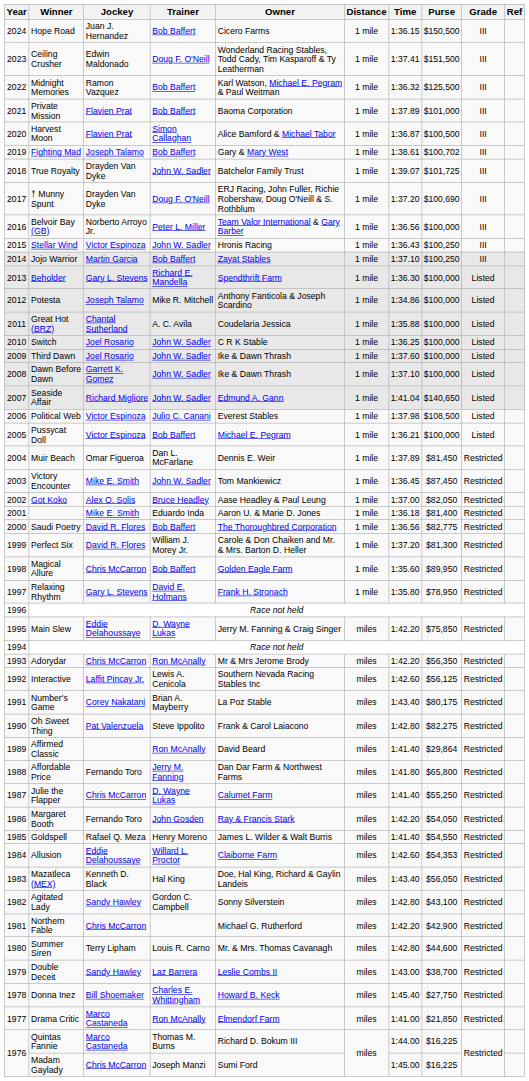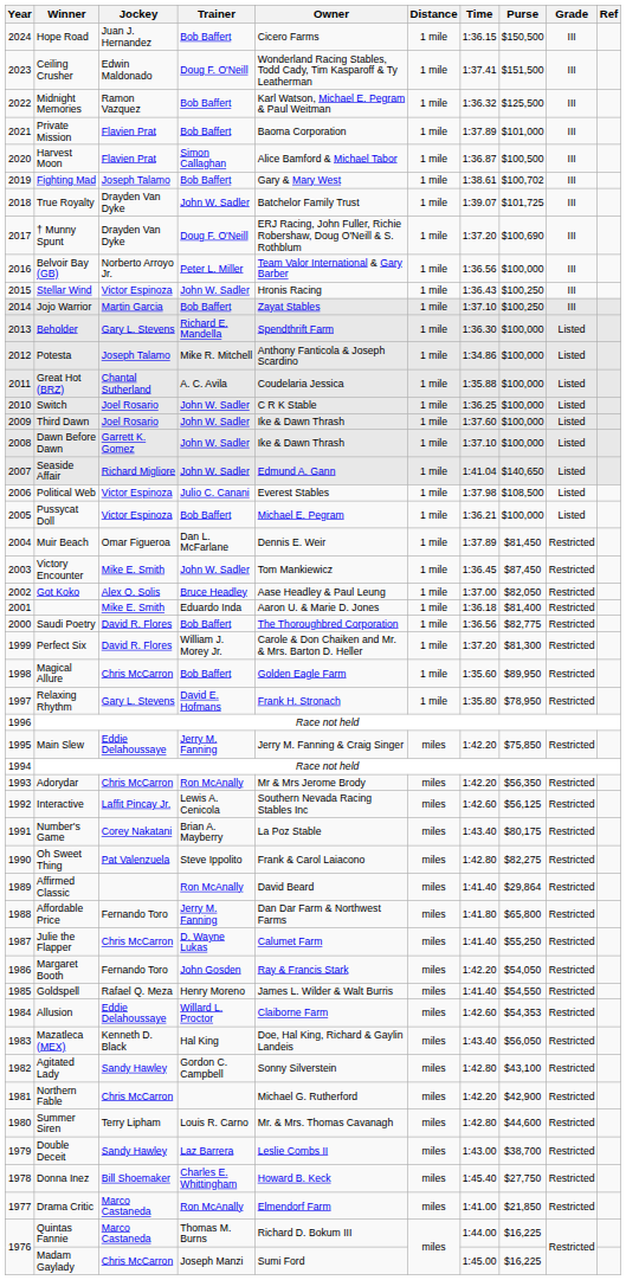 <table class="wikitable sortable">
 <tr>
 <th>Year</th>
 <th>Winner</th>
 <th>Jockey</th>
 <th>Trainer</th>
 <th>Owner</th>
 <th>Distance</th>
 <th>Time</th>
 <th>Purse</th>
 <th>Grade</th>
 <th>Ref</th>
 </tr>
 <tr style="font-size:90%;">
 <td align=center>2024</td>
 <td>Hope Road</td>
 <td>Juan J. Hernandez</td>
 <td><a href='#'>Bob Baffert</a></td>
 <td>Cicero Farms</td>
 <td align=center>1 mile</td>
 <td align=center>1:36.15</td>
 <td align=center>$150,500</td>
 <td align=center>III</td>
 <td></td>
 </tr>
 <tr style="font-size:90%;">
 <td align=center>2023</td>
 <td>Ceiling Crusher</td>
 <td>Edwin Maldonado</td>
 <td><a href='#'>Doug F. O'Neill</a></td>
 <td>Wonderland Racing Stables, Todd Cady, Tim Kasparoff & Ty Leatherman</td>
 <td align=center>1 mile</td>
 <td align=center>1:37.41</td>
 <td align=center>$151,500</td>
 <td align=center>III</td>
 <td></td>
 </tr>
 <tr style="font-size:90%;">
 <td align=center>2022</td>
 <td>Midnight Memories</td>
 <td>Ramon Vazquez</td>
 <td><a href='#'>Bob Baffert</a></td>
 <td>Karl Watson, <a href='#'>Michael E. Pegram</a> & Paul Weitman</td>
 <td align=center>1 mile</td>
 <td align=center>1:36.32</td>
 <td align=center>$125,500</td>
 <td align=center>III</td>
 <td></td>
 </tr>
 <tr style="font-size:90%;">
 <td align=center>2021</td>
 <td>Private Mission</td>
 <td><a href='#'>Flavien Prat</a></td>
 <td><a href='#'>Bob Baffert</a></td>
 <td>Baoma Corporation</td>
 <td align=center>1 mile</td>
 <td align=center>1:37.89</td>
 <td align=center>$101,000</td>
 <td align=center>III</td>
 <td></td>
 </tr>
 <tr style="font-size:90%;">
 <td align=center>2020</td>
 <td>Harvest Moon</td>
 <td><a href='#'>Flavien Prat</a></td>
 <td><a href='#'>Simon Callaghan</a></td>
 <td>Alice Bamford & <a href='#'>Michael Tabor</a></td>
 <td align=center>1 mile</td>
 <td align=center>1:36.87</td>
 <td align=center>$100,500</td>
 <td align=center>III</td>
 <td></td>
 </tr>
 <tr style="font-size:90%;">
 <td align=center>2019</td>
 <td><a href='#'>Fighting Mad</a></td>
 <td><a href='#'>Joseph Talamo</a></td>
 <td><a href='#'>Bob Baffert</a></td>
 <td>Gary & <a href='#'>Mary West</a></td>
 <td align=center>1 mile</td>
 <td align=center>1:38.61</td>
 <td align=center>$100,702</td>
 <td align=center>III</td>
 <td></td>
 </tr>
 <tr style="font-size:90%;">
 <td align=center>2018</td>
 <td>True Royalty</td>
 <td>Drayden Van Dyke</td>
 <td><a href='#'>John W. Sadler</a></td>
 <td>Batchelor Family Trust</td>
 <td align=center>1 mile</td>
 <td align=center>1:39.07</td>
 <td align=center>$101,725</td>
 <td align=center>III</td>
 <td></td>
 </tr>
 <tr style="font-size:90%;">
 <td align=center>2017</td>
 <td>† Munny Spunt</td>
 <td>Drayden Van Dyke</td>
 <td><a href='#'>Doug F. O'Neill</a></td>
 <td>ERJ Racing, John Fuller, Richie Robershaw, Doug O'Neill & S. Rothblum</td>
 <td align=center>1 mile</td>
 <td align=center>1:37.20</td>
 <td align=center>$100,690</td>
 <td align=center>III</td>
 <td></td>
 </tr>
 <tr style="font-size:90%;">
 <td align=center>2016</td>
 <td>Belvoir Bay <a href='#'>(GB)</a></td>
 <td>Norberto Arroyo Jr.</td>
 <td><a href='#'>Peter L. Miller</a></td>
 <td><a href='#'>Team Valor International</a> & <a href='#'>Gary Barber</a></td>
 <td align=center>1 mile</td>
 <td align=center>1:36.56</td>
 <td align=center>$100,000</td>
 <td align=center>III</td>
 <td></td>
 </tr>
 <tr style="font-size:90%;">
 <td align=center>2015</td>
 <td><a href='#'>Stellar Wind</a></td>
 <td><a href='#'>Victor Espinoza</a></td>
 <td><a href='#'>John W. Sadler</a></td>
 <td>Hronis Racing</td>
 <td align=center>1 mile</td>
 <td align=center>1:36.43</td>
 <td align=center>$100,250</td>
 <td align=center>III</td>
 <td></td>
 </tr>
 <tr style="font-size:90%; background-color:#E8E8E8">
 <td align=center>2014</td>
 <td>Jojo Warrior</td>
 <td><a href='#'>Martin Garcia</a></td>
 <td><a href='#'>Bob Baffert</a></td>
 <td><a href='#'>Zayat Stables</a></td>
 <td align=center>1 mile</td>
 <td align=center>1:37.10</td>
 <td align=center>$100,250</td>
 <td align=center>III</td>
 <td></td>
 </tr>
 <tr style="font-size:90%; background-color:#E8E8E8">
 <td align=center>2013</td>
 <td><a href='#'>Beholder</a></td>
 <td><a href='#'>Gary L. Stevens</a></td>
 <td><a href='#'>Richard E. Mandella</a></td>
 <td><a href='#'>Spendthrift Farm</a></td>
 <td align=center>1 mile</td>
 <td align=center>1:36.30</td>
 <td align=center>$100,000</td>
 <td align=center>Listed</td>
 <td></td>
 </tr>
 <tr style="font-size:90%; background-color:#E8E8E8">
 <td align=center>2012</td>
 <td>Potesta</td>
 <td><a href='#'>Joseph Talamo</a></td>
 <td>Mike R. Mitchell</td>
 <td>Anthony Fanticola & Joseph Scardino</td>
 <td align=center>1 mile</td>
 <td align=center>1:34.86</td>
 <td align=center>$100,000</td>
 <td align=center>Listed</td>
 <td></td>
 </tr>
 <tr style="font-size:90%; background-color:#E8E8E8">
 <td align=center>2011</td>
 <td>Great Hot <a href='#'>(BRZ)</a></td>
 <td><a href='#'>Chantal Sutherland</a></td>
 <td>A. C. Avila</td>
 <td>Coudelaria Jessica</td>
 <td align=center>1 mile</td>
 <td align=center>1:35.88</td>
 <td align=center>$100,000</td>
 <td align=center>Listed</td>
 <td></td>
 </tr>
 <tr style="font-size:90%; background-color:#E8E8E8">
 <td align=center>2010</td>
 <td>Switch</td>
 <td><a href='#'>Joel Rosario</a></td>
 <td><a href='#'>John W. Sadler</a></td>
 <td>C R K Stable</td>
 <td align=center>1 mile</td>
 <td align=center>1:36.25</td>
 <td align=center>$100,000</td>
 <td align=center>Listed</td>
 <td></td>
 </tr>
 <tr style="font-size:90%; background-color:#E8E8E8">
 <td align=center>2009</td>
 <td>Third Dawn</td>
 <td><a href='#'>Joel Rosario</a></td>
 <td><a href='#'>John W. Sadler</a></td>
 <td>Ike & Dawn Thrash</td>
 <td align=center>1 mile</td>
 <td align=center>1:37.60</td>
 <td align=center>$100,000</td>
 <td align=center>Listed</td>
 <td></td>
 </tr>
 <tr style="font-size:90%; background-color:#E8E8E8">
 <td align=center>2008</td>
 <td>Dawn Before Dawn</td>
 <td><a href='#'>Garrett K. Gomez</a></td>
 <td><a href='#'>John W. Sadler</a></td>
 <td>Ike & Dawn Thrash</td>
 <td align=center>1 mile</td>
 <td align=center>1:37.10</td>
 <td align=center>$100,000</td>
 <td align=center>Listed</td>
 <td></td>
 </tr>
 <tr style="font-size:90%; background-color:#E8E8E8">
 <td align=center>2007</td>
 <td>Seaside Affair</td>
 <td><a href='#'>Richard Migliore</a></td>
 <td><a href='#'>John W. Sadler</a></td>
 <td><a href='#'>Edmund A. Gann</a></td>
 <td align=center>1 mile</td>
 <td align=center>1:41.04</td>
 <td align=center>$140,650</td>
 <td align=center>Listed</td>
 <td></td>
 </tr>
 <tr style="font-size:90%;">
 <td align=center>2006</td>
 <td>Political Web</td>
 <td><a href='#'>Victor Espinoza</a></td>
 <td><a href='#'>Julio C. Canani</a></td>
 <td>Everest Stables</td>
 <td align=center>1 mile</td>
 <td align=center>1:37.98</td>
 <td align=center>$108,500</td>
 <td align=center>Listed</td>
 <td></td>
 </tr>
 <tr style="font-size:90%;">
 <td align=center>2005</td>
 <td>Pussycat Doll</td>
 <td><a href='#'>Victor Espinoza</a></td>
 <td><a href='#'>Bob Baffert</a></td>
 <td><a href='#'>Michael E. Pegram</a></td>
 <td align=center>1 mile</td>
 <td align=center>1:36.21</td>
 <td align=center>$100,000</td>
 <td align=center>Listed</td>
 <td></td>
 </tr>
 <tr style="font-size:90%;">
 <td align=center>2004</td>
 <td>Muir Beach</td>
 <td>Omar Figueroa</td>
 <td>Dan L. McFarlane</td>
 <td>Dennis E. Weir</td>
 <td align=center>1 mile</td>
 <td align=center>1:37.89</td>
 <td align=center>$81,450</td>
 <td align=center>Restricted</td>
 <td></td>
 </tr>
 <tr style="font-size:90%;">
 <td align=center>2003</td>
 <td>Victory Encounter</td>
 <td><a href='#'>Mike E. Smith</a></td>
 <td><a href='#'>John W. Sadler</a></td>
 <td>Tom Mankiewicz</td>
 <td align=center>1 mile</td>
 <td align=center>1:36.45</td>
 <td align=center>$87,450</td>
 <td align=center>Restricted</td>
 <td></td>
 </tr>
 <tr style="font-size:90%;">
 <td align=center>2002</td>
 <td><a href='#'>Got Koko</a></td>
 <td><a href='#'>Alex O. Solis</a></td>
 <td><a href='#'>Bruce Headley</a></td>
 <td>Aase Headley & Paul Leung</td>
 <td align=center>1 mile</td>
 <td align=center>1:37.00</td>
 <td align=center>$82,050</td>
 <td align=center>Restricted</td>
 <td></td>
 </tr>
 <tr style="font-size:90%;">
 <td align=center>2001</td>
 <td></td>
 <td><a href='#'>Mike E. Smith</a></td>
 <td>Eduardo Inda</td>
 <td>Aaron U. & Marie D. Jones</td>
 <td align=center>1 mile</td>
 <td align=center>1:36.18</td>
 <td align=center>$81,400</td>
 <td align=center>Restricted</td>
 <td></td>
 </tr>
 <tr style="font-size:90%;">
 <td align=center>2000</td>
 <td>Saudi Poetry</td>
 <td><a href='#'>David R. Flores</a></td>
 <td><a href='#'>Bob Baffert</a></td>
 <td><a href='#'>The Thoroughbred Corporation</a></td>
 <td align=center>1 mile</td>
 <td align=center>1:36.56</td>
 <td align=center>$82,775</td>
 <td align=center>Restricted</td>
 <td></td>
 </tr>
 <tr style="font-size:90%;">
 <td align=center>1999</td>
 <td>Perfect Six</td>
 <td><a href='#'>David R. Flores</a></td>
 <td>William J. Morey Jr.</td>
 <td>Carole & Don Chaiken and Mr. & Mrs. Barton D. Heller</td>
 <td align=center>1 mile</td>
 <td align=center>1:37.20</td>
 <td align=center>$81,300</td>
 <td align=center>Restricted</td>
 <td></td>
 </tr>
 <tr style="font-size:90%;">
 <td align=center>1998</td>
 <td>Magical Allure</td>
 <td><a href='#'>Chris McCarron</a></td>
 <td><a href='#'>Bob Baffert</a></td>
 <td><a href='#'>Golden Eagle Farm</a></td>
 <td align=center>1 mile</td>
 <td align=center>1:35.60</td>
 <td align=center>$89,950</td>
 <td align=center>Restricted</td>
 <td></td>
 </tr>
 <tr style="font-size:90%;">
 <td align=center>1997</td>
 <td>Relaxing Rhythm</td>
 <td><a href='#'>Gary L. Stevens</a></td>
 <td><a href='#'>David E. Hofmans</a></td>
 <td><a href='#'>Frank H. Stronach</a></td>
 <td align=center>1 mile</td>
 <td align=center>1:35.80</td>
 <td align=center>$78,950</td>
 <td align=center>Restricted</td>
 <td></td>
 </tr>
 <tr style="font-size:90%; background-color:white">
 <td align="center">1996</td>
 <td align="center" colspan=9><em>Race not held</em></td>
 </tr>
 <tr style="font-size:90%;">
 <td align=center>1995</td>
 <td>Main Slew</td>
 <td><a href='#'>Eddie Delahoussaye</a></td>
-<td><a href='#'>D. Wayne Lukas</a></td>
+<td><a href='#'>Jerry M. Fanning</a></td>
 <td>Jerry M. Fanning & Craig Singer</td>
 <td align=center> miles</td>
 <td align=center>1:42.20</td>
 <td align=center>$75,850</td>
 <td align=center>Restricted</td>
 <td></td>
 </tr>
 <tr style="font-size:90%; background-color:white">
 <td align="center">1994</td>
 <td align="center" colspan=9><em>Race not held</em></td>
 </tr>
 <tr style="font-size:90%;">
 <td align=center>1993</td>
 <td>Adorydar</td>
 <td><a href='#'>Chris McCarron</a></td>
 <td><a href='#'>Ron McAnally</a></td>
 <td>Mr & Mrs Jerome Brody</td>
 <td align=center> miles</td>
 <td align=center>1:42.20</td>
 <td align=center>$56,350</td>
 <td align=center>Restricted</td>
 <td></td>
 </tr>
 <tr style="font-size:90%;">
 <td align=center>1992</td>
 <td>Interactive</td>
 <td><a href='#'>Laffit Pincay Jr.</a></td>
 <td>Lewis A. Cenicola</td>
 <td>Southern Nevada Racing Stables Inc</td>
 <td align=center> miles</td>
 <td align=center>1:42.60</td>
 <td align=center>$56,125</td>
 <td align=center>Restricted</td>
 <td></td>
 </tr>
 <tr style="font-size:90%;">
 <td align=center>1991</td>
 <td>Number's Game</td>
 <td><a href='#'>Corey Nakatani</a></td>
 <td>Brian A. Mayberry</td>
 <td>La Poz Stable</td>
 <td align=center> miles</td>
 <td align=center>1:43.40</td>
 <td align=center>$80,175</td>
 <td align=center>Restricted</td>
 <td></td>
 </tr>
 <tr style="font-size:90%;">
 <td align=center>1990</td>
 <td>Oh Sweet Thing</td>
 <td><a href='#'>Pat Valenzuela</a></td>
 <td>Steve Ippolito</td>
 <td>Frank & Carol Laiacono</td>
 <td align=center> miles</td>
 <td align=center>1:42.80</td>
 <td align=center>$82,275</td>
 <td align=center>Restricted</td>
 <td></td>
 </tr>
 <tr style="font-size:90%;">
 <td align=center>1989</td>
 <td>Affirmed Classic</td>
 <td></td>
 <td><a href='#'>Ron McAnally</a></td>
 <td>David Beard</td>
 <td align=center> miles</td>
 <td align=center>1:41.40</td>
 <td align=center>$29,864</td>
 <td align=center>Restricted</td>
 <td></td>
 </tr>
 <tr style="font-size:90%;">
 <td align=center>1988</td>
 <td>Affordable Price</td>
 <td>Fernando Toro</td>
 <td><a href='#'>Jerry M. Fanning</a></td>
 <td>Dan Dar Farm & Northwest Farms</td>
 <td align=center> miles</td>
 <td align=center>1:41.80</td>
 <td align=center>$65,800</td>
 <td align=center>Restricted</td>
 <td></td>
 </tr>
 <tr style="font-size:90%;">
 <td align=center>1987</td>
 <td>Julie the Flapper</td>
 <td><a href='#'>Chris McCarron</a></td>
 <td><a href='#'>D. Wayne Lukas</a></td>
 <td><a href='#'>Calumet Farm</a></td>
 <td align=center> miles</td>
 <td align=center>1:41.40</td>
 <td align=center>$55,250</td>
 <td align=center>Restricted</td>
 <td></td>
 </tr>
 <tr style="font-size:90%;">
 <td align=center>1986</td>
 <td>Margaret Booth</td>
 <td>Fernando Toro</td>
 <td><a href='#'>John Gosden</a></td>
 <td><a href='#'>Ray & Francis Stark</a></td>
 <td align=center> miles</td>
 <td align=center>1:42.20</td>
 <td align=center>$54,050</td>
 <td align=center>Restricted</td>
 <td></td>
 </tr>
 <tr style="font-size:90%;">
 <td align=center>1985</td>
 <td>Goldspell</td>
 <td>Rafael Q. Meza</td>
 <td>Henry Moreno</td>
 <td>James L. Wilder & Walt Burris</td>
 <td align=center> miles</td>
 <td align=center>1:41.40</td>
 <td align=center>$54,550</td>
 <td align=center>Restricted</td>
 <td></td>
 </tr>
 <tr style="font-size:90%;">
 <td align=center>1984</td>
 <td>Allusion</td>
 <td><a href='#'>Eddie Delahoussaye</a></td>
 <td><a href='#'>Willard L. Proctor</a></td>
 <td><a href='#'>Claiborne Farm</a></td>
 <td align=center> miles</td>
 <td align=center>1:42.60</td>
 <td align=center>$54,353</td>
 <td align=center>Restricted</td>
 <td></td>
 </tr>
 <tr style="font-size:90%;">
 <td align=center>1983</td>
 <td>Mazatleca <a href='#'>(MEX)</a></td>
 <td>Kenneth D. Black</td>
 <td>Hal King</td>
 <td>Doe, Hal King, Richard & Gaylin Landeis</td>
 <td align=center> miles</td>
 <td align=center>1:43.40</td>
 <td align=center>$56,050</td>
 <td align=center>Restricted</td>
 <td></td>
 </tr>
 <tr style="font-size:90%;">
 <td align=center>1982</td>
 <td>Agitated Lady</td>
 <td><a href='#'>Sandy Hawley</a></td>
 <td>Gordon C. Campbell</td>
 <td>Sonny Silverstein</td>
 <td align=center> miles</td>
 <td align=center>1:42.80</td>
 <td align=center>$43,100</td>
 <td align=center>Restricted</td>
 <td></td>
 </tr>
 <tr style="font-size:90%;8k">
 <td align=center>1981</td>
 <td>Northern Fable</td>
 <td><a href='#'>Chris McCarron</a></td>
 <td></td>
 <td>Michael G. Rutherford</td>
 <td align=center> miles</td>
 <td align=center>1:42.20</td>
 <td align=center>$42,900</td>
 <td align=center>Restricted</td>
 <td></td>
 </tr>
 <tr style="font-size:90%;">
 <td align=center>1980</td>
 <td>Summer Siren</td>
 <td>Terry Lipham</td>
 <td>Louis R. Carno</td>
 <td>Mr. & Mrs. Thomas Cavanagh</td>
 <td align=center> miles</td>
 <td align=center>1:42.80</td>
 <td align=center>$44,600</td>
 <td align=center>Restricted</td>
 <td></td>
 </tr>
 <tr style="font-size:90%;">
 <td align=center>1979</td>
 <td>Double Deceit</td>
 <td><a href='#'>Sandy Hawley</a></td>
 <td><a href='#'>Laz Barrera</a></td>
 <td><a href='#'>Leslie Combs II</a></td>
 <td align=center> miles</td>
 <td align=center>1:43.00</td>
 <td align=center>$38,700</td>
 <td align=center>Restricted</td>
 <td></td>
 </tr>
 <tr style="font-size:90%;">
 <td align=center>1978</td>
 <td>Donna Inez</td>
 <td><a href='#'>Bill Shoemaker</a></td>
 <td><a href='#'>Charles E. Whittingham</a></td>
 <td><a href='#'>Howard B. Keck</a></td>
 <td align=center> miles</td>
 <td align=center>1:45.40</td>
 <td align=center>$27,750</td>
 <td align=center>Restricted</td>
 <td></td>
 </tr>
 <tr style="font-size:90%;">
 <td align=center>1977</td>
 <td>Drama Critic</td>
 <td><a href='#'>Marco Castaneda</a></td>
 <td><a href='#'>Ron McAnally</a></td>
 <td><a href='#'>Elmendorf Farm</a></td>
 <td align=center> miles</td>
 <td align=center>1:41.00</td>
 <td align=center>$21,850</td>
 <td align=center>Restricted</td>
 <td></td>
 </tr>
 <tr style="font-size:90%;">
 <td align=center rowspan=2>1976</td>
 <td>Quintas Fannie</td>
 <td><a href='#'>Marco Castaneda</a></td>
 <td>Thomas M. Burns</td>
 <td>Richard D. Bokum III</td>
 <td align=center rowspan=2> miles</td>
 <td align=center>1:44.00</td>
 <td align=center>$16,225</td>
 <td align=center rowspan=2>Restricted</td>
 <td></td>
 </tr>
 <tr style="font-size:90%;">
 <td>Madam Gaylady</td>
 <td><a href='#'>Chris McCarron</a></td>
 <td>Joseph Manzi</td>
 <td>Sumi Ford</td>
 <td align=center>1:45.00</td>
 <td align=center>$16,225</td>
 <td></td>
 </tr>
 </table>
